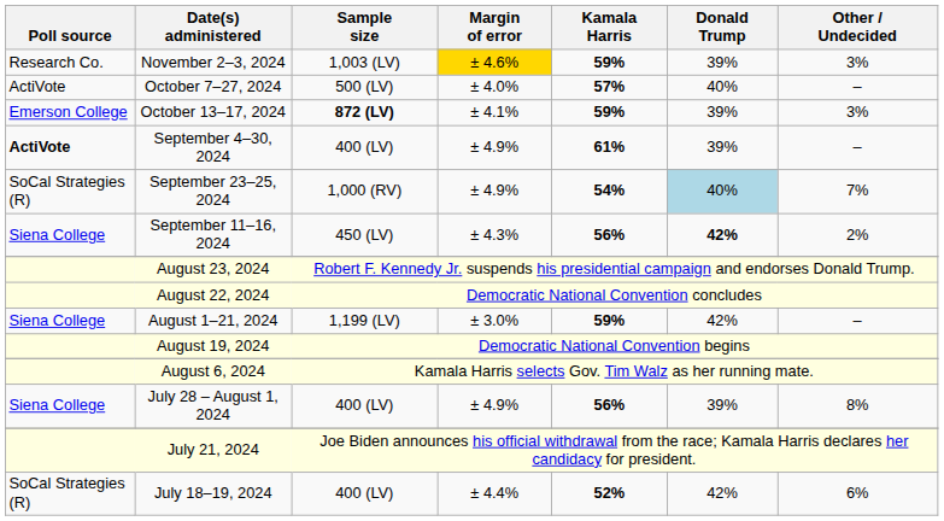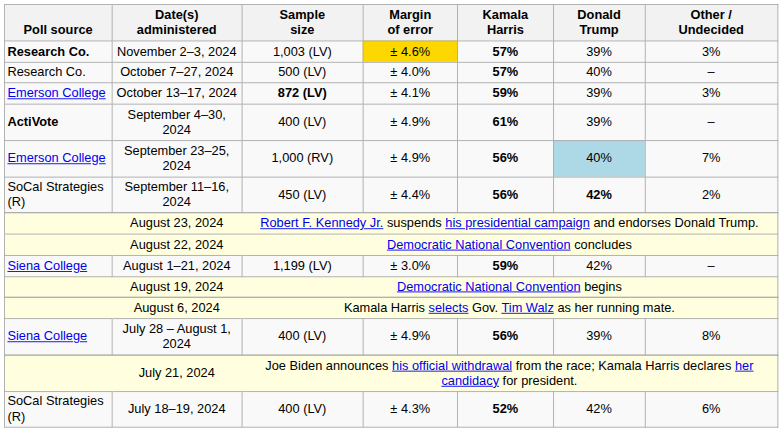 <table class="wikitable sortable mw-datatable" style="font-size:90%;text-align:center;line-height:17px">
 <tr valign=bottom>
 <th>Poll source</th>
 <th>Date(s)<br>administered</th>
 <th>Sample<br>size</th>
 <th>Margin<br>of error</th>
 <th class="unsortable">Kamala<br>Harris<br></th>
 <th class="unsortable">Donald<br>Trump<br></th>
 <th class="unsortable">Other /<br>Undecided</th>
 </tr>
 <tr>
-<td style="text-align:left;">Research Co.</td>
+<td style="text-align:left;"><strong>Research Co.</strong></td>
 <td data-sort-value="2024-11-03">November 2–3, 2024</td>
 <td>1,003 (LV)</td>
 <td style="background: gold;">± 4.6%</td>
-<td style="color:black;background-color:"><strong>59%</strong></td>
+<td style="color:black;background-color:"><strong>57%</strong></td>
 <td>39%</td>
 <td>3%</td>
 </tr>
 <tr>
-<td style="text-align:left;">ActiVote</td>
+<td style="text-align:left;">Research Co.</td>
 <td data-sort-value="2024-10-27">October 7–27, 2024</td>
 <td>500 (LV)</td>
 <td>± 4.0%</td>
 <td style="color:black;background-color:"><strong>57%</strong></td>
 <td>40%</td>
 <td>–</td>
 </tr>
 <tr>
 <td style="text-align:left;"><a href='#'>Emerson College</a></td>
 <td data-sort-value="2024-10-17">October 13–17, 2024</td>
 <td><strong>872 (LV)</strong></td>
 <td>± 4.1%</td>
 <td style="color:black;background-color:"><strong>59%</strong></td>
 <td>39%</td>
 <td>3%</td>
 </tr>
 <tr>
 <td style="text-align:left;"><strong>ActiVote</strong></td>
 <td data-sort-value="2024-09-30">September 4–30, 2024</td>
 <td>400 (LV)</td>
 <td>± 4.9%</td>
 <td style="color:black;background-color:"><strong>61%</strong></td>
 <td>39%</td>
 <td>–</td>
 </tr>
 <tr>
-<td style="text-align:left;">SoCal Strategies (R)</td>
+<td style="text-align:left;"><a href='#'>Emerson College</a></td>
 <td data-sort-value="2024-09-25">September 23–25, 2024</td>
 <td>1,000 (RV)</td>
 <td>± 4.9%</td>
-<td style="color:black;background-color:"><strong>54%</strong></td>
+<td style="color:black;background-color:"><strong>56%</strong></td>
 <td style="background: lightblue;">40%</td>
 <td>7%</td>
 </tr>
 <tr>
-<td style="text-align:left;"><a href='#'>Siena College</a></td>
+<td style="text-align:left;">SoCal Strategies (R)</td>
 <td data-sort-value="2024-09-16">September 11–16, 2024</td>
 <td>450 (LV)</td>
-<td>± 4.3%</td>
+<td>± 4.4%</td>
 <td style="color:black;background-color:"><strong>56%</strong></td>
 <td><strong>42%</strong></td>
 <td>2%</td>
 </tr>
 <tr>
 </tr>
 <tr style="background:lightyellow;">
 <td style="border-right-style:hidden;"></td>
 <td style="border-right-style:hidden; " data-sort-value="2024-08-21">August 23, 2024</td>
 <td colspan="5"><a href='#'>Robert F. Kennedy Jr.</a> suspends <a href='#'>his presidential campaign</a> and endorses Donald Trump.</td>
 </tr>
 <tr style="background:lightyellow;">
 <td style="border-right-style:hidden;"></td>
 <td style="border-right-style:hidden; " data-sort-value="2024-08-22">August 22, 2024</td>
 <td colspan="5"><a href='#'>Democratic National Convention</a> concludes</td>
 </tr>
 <tr>
 <td style="text-align:left;"><a href='#'>Siena College</a></td>
 <td data-sort-value="2024-08-21">August 1–21, 2024</td>
 <td>1,199 (LV)</td>
 <td>± 3.0%</td>
 <td style="color:black;background-color:"><strong>59%</strong></td>
 <td>42%</td>
 <td>–</td>
 </tr>
 <tr style="background:lightyellow;">
 <td style="border-right-style:hidden;"></td>
 <td style="border-right-style:hidden; " data-sort-value="2024-08-19">August 19, 2024</td>
 <td colspan="5"><a href='#'>Democratic National Convention</a> begins</td>
 </tr>
 <tr>
 </tr>
 <tr style="background:lightyellow;">
 <td style="border-right-style:hidden;"></td>
 <td style="border-right-style:hidden; " data-sort-value="2024-08-06">August 6, 2024</td>
 <td colspan="5">Kamala Harris <a href='#'>selects</a> Gov. <a href='#'>Tim Walz</a> as her running mate.</td>
 </tr>
 <tr>
 <td style="text-align:left;"><a href='#'>Siena College</a></td>
 <td data-sort-value="2024-08-01">July 28 – August 1, 2024</td>
 <td>400 (LV)</td>
 <td>± 4.9%</td>
 <td style="color:black;background-color:"><strong>56%</strong></td>
 <td>39%</td>
 <td>8%</td>
 </tr>
 <tr>
 </tr>
 <tr style="background:lightyellow;">
 <td style="border-right-style:hidden; background:lightyellow;"></td>
 <td style="border-right-style:hidden; " data-sort-value="2024-07-21">July 21, 2024</td>
 <td colspan="6">Joe Biden announces <a href='#'>his official withdrawal</a> from the race; Kamala Harris declares <a href='#'>her candidacy</a> for president.</td>
 </tr>
 <tr>
 <td style="text-align:left;">SoCal Strategies (R)</td>
 <td data-sort-value="2024-07-19">July 18–19, 2024</td>
 <td>400 (LV)</td>
-<td>± 4.4%</td>
+<td>± 4.3%</td>
 <td style="color:black;background-color:"><strong>52%</strong></td>
 <td>42%</td>
 <td>6%</td>
 </tr>
 </table>
